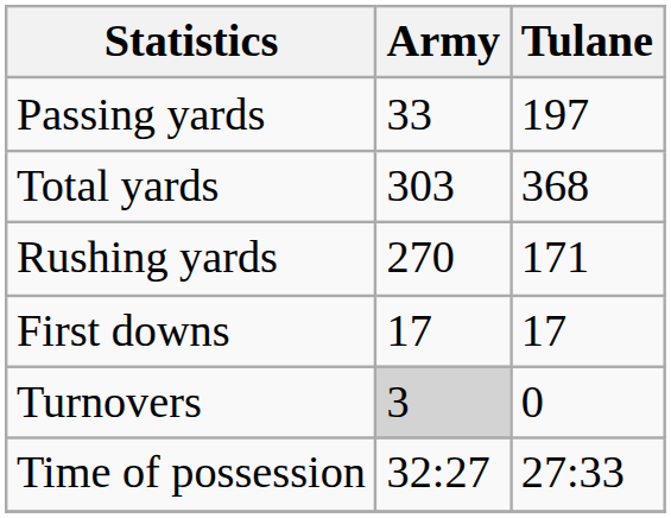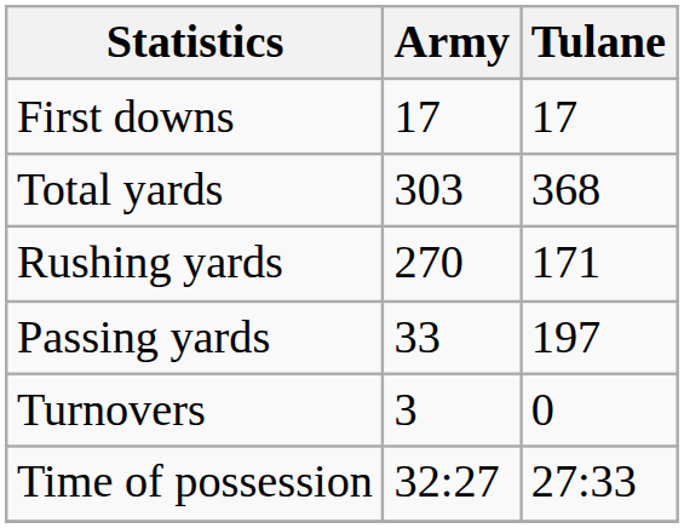 <table class="wikitable">
 <tr>
 <th>Statistics</th>
 <th>Army</th>
 <th>Tulane</th>
 </tr>
 <tr>
-<td>Passing yards</td>
-<td>33</td>
-<td>197</td>
+<td>First downs</td>
+<td>17</td>
+<td>17</td>
 </tr>
 <tr>
 <td>Total yards</td>
 <td>303</td>
 <td>368</td>
 </tr>
 <tr>
 <td>Rushing yards</td>
 <td>270</td>
 <td>171</td>
 </tr>
 <tr>
-<td>First downs</td>
-<td>17</td>
-<td>17</td>
+<td>Passing yards</td>
+<td>33</td>
+<td>197</td>
 </tr>
 <tr>
 <td>Turnovers</td>
-<td style="background: lightgrey;">3</td>
+<td>3</td>
 <td>0</td>
 </tr>
 <tr>
 <td>Time of possession</td>
 <td>32:27</td>
 <td>27:33</td>
 </tr>
 <tr>
 </tr>
 </table>
